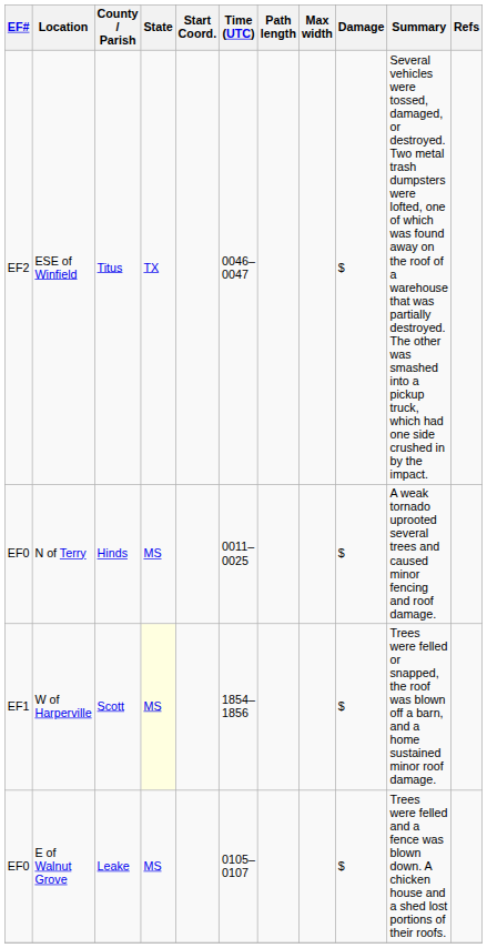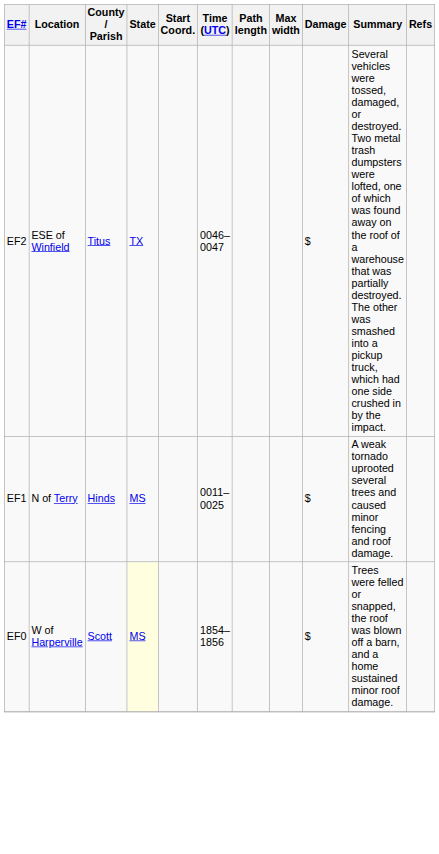 <table class="wikitable sortable" style="width:100%;">
 <tr>
 <th scope="col" width="3%" align="center"><a href='#'>EF#</a></th>
 <th scope="col" width="7%" align="center" class="unsortable">Location</th>
 <th scope="col" width="6%" align="center" class="unsortable">County / Parish</th>
 <th scope="col" width="5%" align="center">State</th>
 <th scope="col" width="6%" align="center">Start Coord.</th>
 <th scope="col" width="6%" align="center">Time (<a href='#'>UTC</a>)</th>
 <th scope="col" width="6%" align="center">Path length</th>
 <th scope="col" width="6%" align="center">Max width</th>
 <th scope="col" width="6%" align="center">Damage</th>
 <th scope="col" width="48%" class="unsortable" align="center">Summary</th>
 <th scope="col" width="48%" class="unsortable" align="center">Refs</th>
 </tr>
 <tr>
 <td>EF2</td>
 <td>ESE of <a href='#'>Winfield</a></td>
 <td><a href='#'>Titus</a></td>
 <td><a href='#'>TX</a></td>
 <td></td>
 <td>0046–0047</td>
 <td></td>
 <td></td>
 <td>$</td>
 <td>Several vehicles were tossed, damaged, or destroyed. Two metal trash dumpsters were lofted, one of which was found  away on the roof of a warehouse that was partially destroyed. The other was smashed into a pickup truck, which had one side crushed in by the impact.</td>
 <td></td>
 </tr>
 <tr>
-<td>EF0</td>
+<td>EF1</td>
 <td>N of <a href='#'>Terry</a></td>
 <td><a href='#'>Hinds</a></td>
 <td><a href='#'>MS</a></td>
 <td></td>
 <td>0011–0025</td>
 <td></td>
 <td></td>
 <td>$</td>
 <td>A weak tornado uprooted several trees and caused minor fencing and roof damage.</td>
 <td></td>
 </tr>
 <tr>
-<td>EF1</td>
+<td>EF0</td>
 <td>W of <a href='#'>Harperville</a></td>
 <td><a href='#'>Scott</a></td>
 <td style="background: lightyellow;"><a href='#'>MS</a></td>
 <td></td>
 <td>1854–1856</td>
 <td></td>
 <td></td>
 <td>$</td>
 <td>Trees were felled or snapped, the roof was blown off a barn, and a home sustained minor roof damage.</td>
 <td></td>
 </tr>
 <tr>
-<td>EF0</td>
-<td>E of <a href='#'>Walnut Grove</a></td>
-<td><a href='#'>Leake</a></td>
-<td><a href='#'>MS</a></td>
-<td></td>
-<td>0105–0107</td>
-<td></td>
-<td></td>
-<td>$</td>
-<td>Trees were felled and a fence was blown down. A chicken house and a shed lost portions of their roofs.</td>
-<td></td>
-</tr>
-<tr>
 </tr>
 </table>
